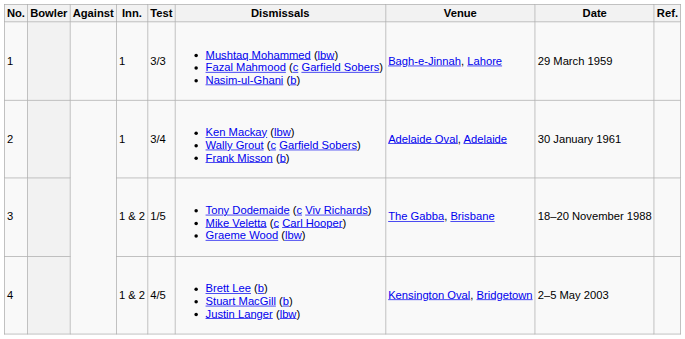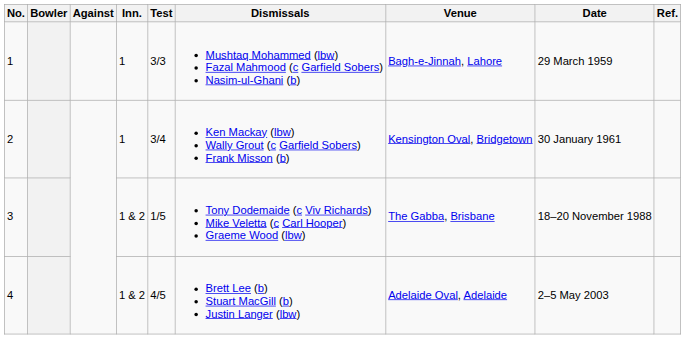 <table class="wikitable sortable plainrowheaders" style="font-size: 100%">
 <tr>
 <th scope="col">No.</th>
 <th scope="col">Bowler</th>
 <th scope="col">Against</th>
 <th scope="col">Inn.</th>
 <th scope="col">Test</th>
 <th scope="col">Dismissals</th>
 <th scope="col">Venue</th>
 <th scope="col">Date</th>
 <th scope="col" class="unsortable">Ref.</th>
 </tr>
 <tr>
 <td>1</td>
 <th scope="row"></th>
 <td></td>
 <td>1</td>
 <td>3/3</td>
 <td><br><ul><li><a href='#'>Mushtaq Mohammed</a> (<a href='#'>lbw</a>)</li><li><a href='#'>Fazal Mahmood</a> (<a href='#'>c</a> <a href='#'>Garfield Sobers</a>)</li><li><a href='#'>Nasim-ul-Ghani</a> (<a href='#'>b</a>)</li></ul></td>
 <td> <a href='#'>Bagh-e-Jinnah</a>, <a href='#'>Lahore</a></td>
 <td>29 March 1959</td>
 <td></td>
 </tr>
 <tr>
 <td>2</td>
 <th scope="row"></th>
 <td rowspan=3></td>
 <td>1</td>
 <td>3/4</td>
 <td><br><ul><li><a href='#'>Ken Mackay</a> (<a href='#'>lbw</a>)</li><li><a href='#'>Wally Grout</a> (<a href='#'>c</a> <a href='#'>Garfield Sobers</a>)</li><li><a href='#'>Frank Misson</a> (<a href='#'>b</a>)</li></ul></td>
-<td> <a href='#'>Adelaide Oval</a>, <a href='#'>Adelaide</a></td>
+<td> <a href='#'>Kensington Oval</a>, <a href='#'>Bridgetown</a></td>
 <td>30 January 1961</td>
 <td></td>
 </tr>
 <tr>
 <td>3</td>
 <th scope="row"></th>
 <td>1 & 2</td>
 <td>1/5</td>
 <td><br><ul><li><a href='#'>Tony Dodemaide</a> (<a href='#'>c</a> <a href='#'>Viv Richards</a>)</li><li><a href='#'>Mike Veletta</a> (<a href='#'>c</a> <a href='#'>Carl Hooper</a>)</li><li><a href='#'>Graeme Wood</a> (<a href='#'>lbw</a>)</li></ul></td>
 <td> <a href='#'>The Gabba</a>, <a href='#'>Brisbane</a></td>
 <td>18–20 November 1988</td>
 <td></td>
 </tr>
 <tr>
 <td>4</td>
 <th scope="row"></th>
 <td>1 & 2</td>
 <td>4/5</td>
 <td><br><ul><li><a href='#'>Brett Lee</a> (<a href='#'>b</a>)</li><li><a href='#'>Stuart MacGill</a> (<a href='#'>b</a>)</li><li><a href='#'>Justin Langer</a> (<a href='#'>lbw</a>)</li></ul></td>
-<td> <a href='#'>Kensington Oval</a>, <a href='#'>Bridgetown</a></td>
+<td> <a href='#'>Adelaide Oval</a>, <a href='#'>Adelaide</a></td>
 <td>2–5 May 2003</td>
 <td></td>
 </tr>
 </table>
